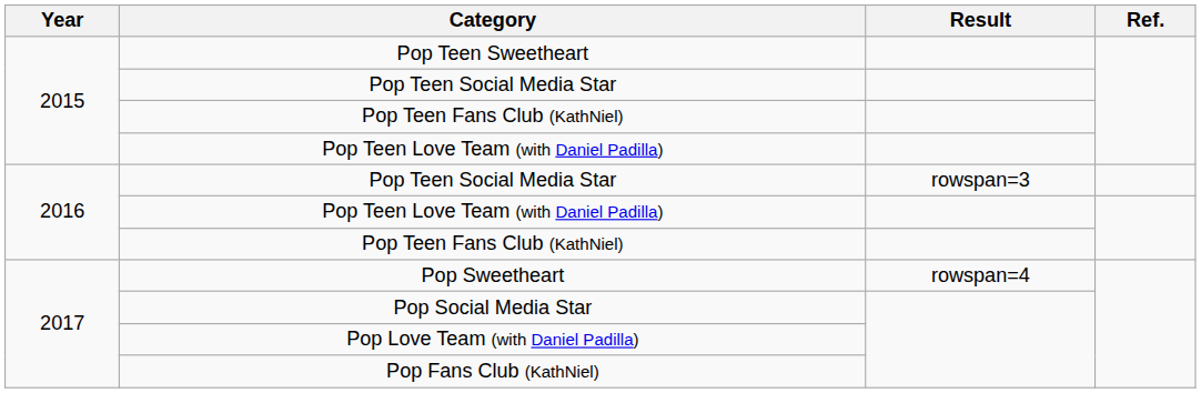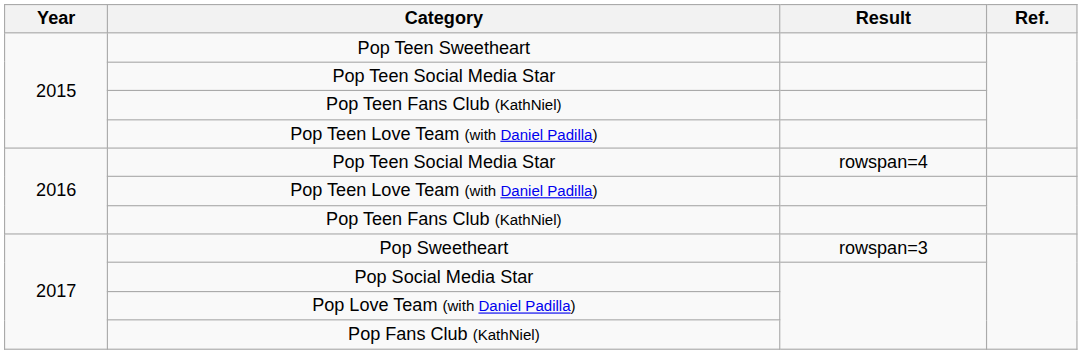 <table class="wikitable sortable"  style="text-align:center; width:60%;">
 <tr>
 <th>Year</th>
 <th>Category</th>
 <th>Result</th>
 <th>Ref.</th>
 </tr>
 <tr>
 <td rowspan="4">2015</td>
 <td>Pop Teen Sweetheart</td>
 <td></td>
 <td rowspan="4"></td>
 </tr>
 <tr>
 <td>Pop Teen Social Media Star</td>
 <td></td>
 </tr>
 <tr>
 <td>Pop Teen Fans Club <small>(KathNiel)</small></td>
 <td></td>
 </tr>
 <tr>
 <td>Pop Teen Love Team <small>(with <a href='#'>Daniel Padilla</a>)</small></td>
 <td></td>
 </tr>
 <tr>
 <td rowspan="3">2016</td>
 <td>Pop Teen Social Media Star</td>
-<td>rowspan=3 </td>
+<td>rowspan=4 </td>
 <td></td>
 </tr>
 <tr>
 <td>Pop Teen Love Team <small>(with <a href='#'>Daniel Padilla</a>)</small></td>
 <td></td>
 </tr>
 <tr>
 <td>Pop Teen Fans Club <small>(KathNiel)</small></td>
 <td></td>
 </tr>
 <tr>
 <td rowspan="4">2017</td>
 <td>Pop Sweetheart</td>
-<td>rowspan=4 </td>
+<td>rowspan=3 </td>
 <td rowspan="5"></td>
 </tr>
 <tr>
 <td>Pop Social Media Star</td>
 </tr>
 <tr>
 <td>Pop Love Team <small>(with <a href='#'>Daniel Padilla</a>)</small></td>
 </tr>
 <tr>
 <td>Pop Fans Club <small>(KathNiel)</small></td>
 </tr>
 </table>
